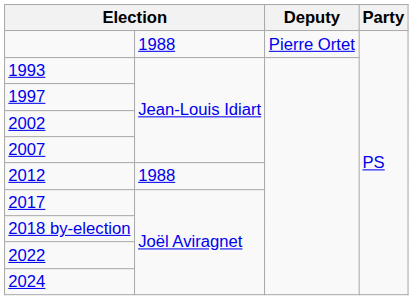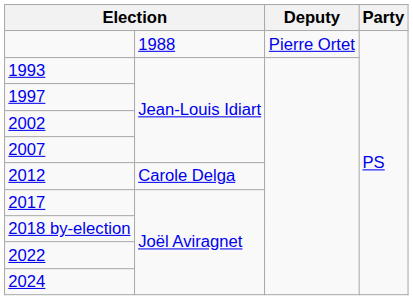 <table class="wikitable">
 <tr>
 <th colspan="2">Election</th>
 <th>Deputy</th>
 <th>Party</th>
 </tr>
 <tr>
 <td style="background:"></td>
 <td><a href='#'>1988</a></td>
 <td><a href='#'>Pierre Ortet</a></td>
 <td rowspan="10"><a href='#'>PS</a></td>
 </tr>
 <tr>
 <td><a href='#'>1993</a></td>
 <td rowspan="4"><a href='#'>Jean-Louis Idiart</a></td>
 </tr>
 <tr>
 <td><a href='#'>1997</a></td>
 </tr>
 <tr>
 <td><a href='#'>2002</a></td>
 </tr>
 <tr>
 <td><a href='#'>2007</a></td>
 </tr>
 <tr>
 <td><a href='#'>2012</a></td>
-<td><a href='#'>1988</a></td>
+<td><a href='#'>Carole Delga</a></td>
 </tr>
 <tr>
 <td><a href='#'>2017</a></td>
 <td rowspan="4"><a href='#'>Joël Aviragnet</a></td>
 </tr>
 <tr>
 <td><a href='#'>2018 by-election</a></td>
 </tr>
 <tr>
 <td><a href='#'>2022</a></td>
 </tr>
 <tr>
 <td><a href='#'>2024</a></td>
 </tr>
 </table>
